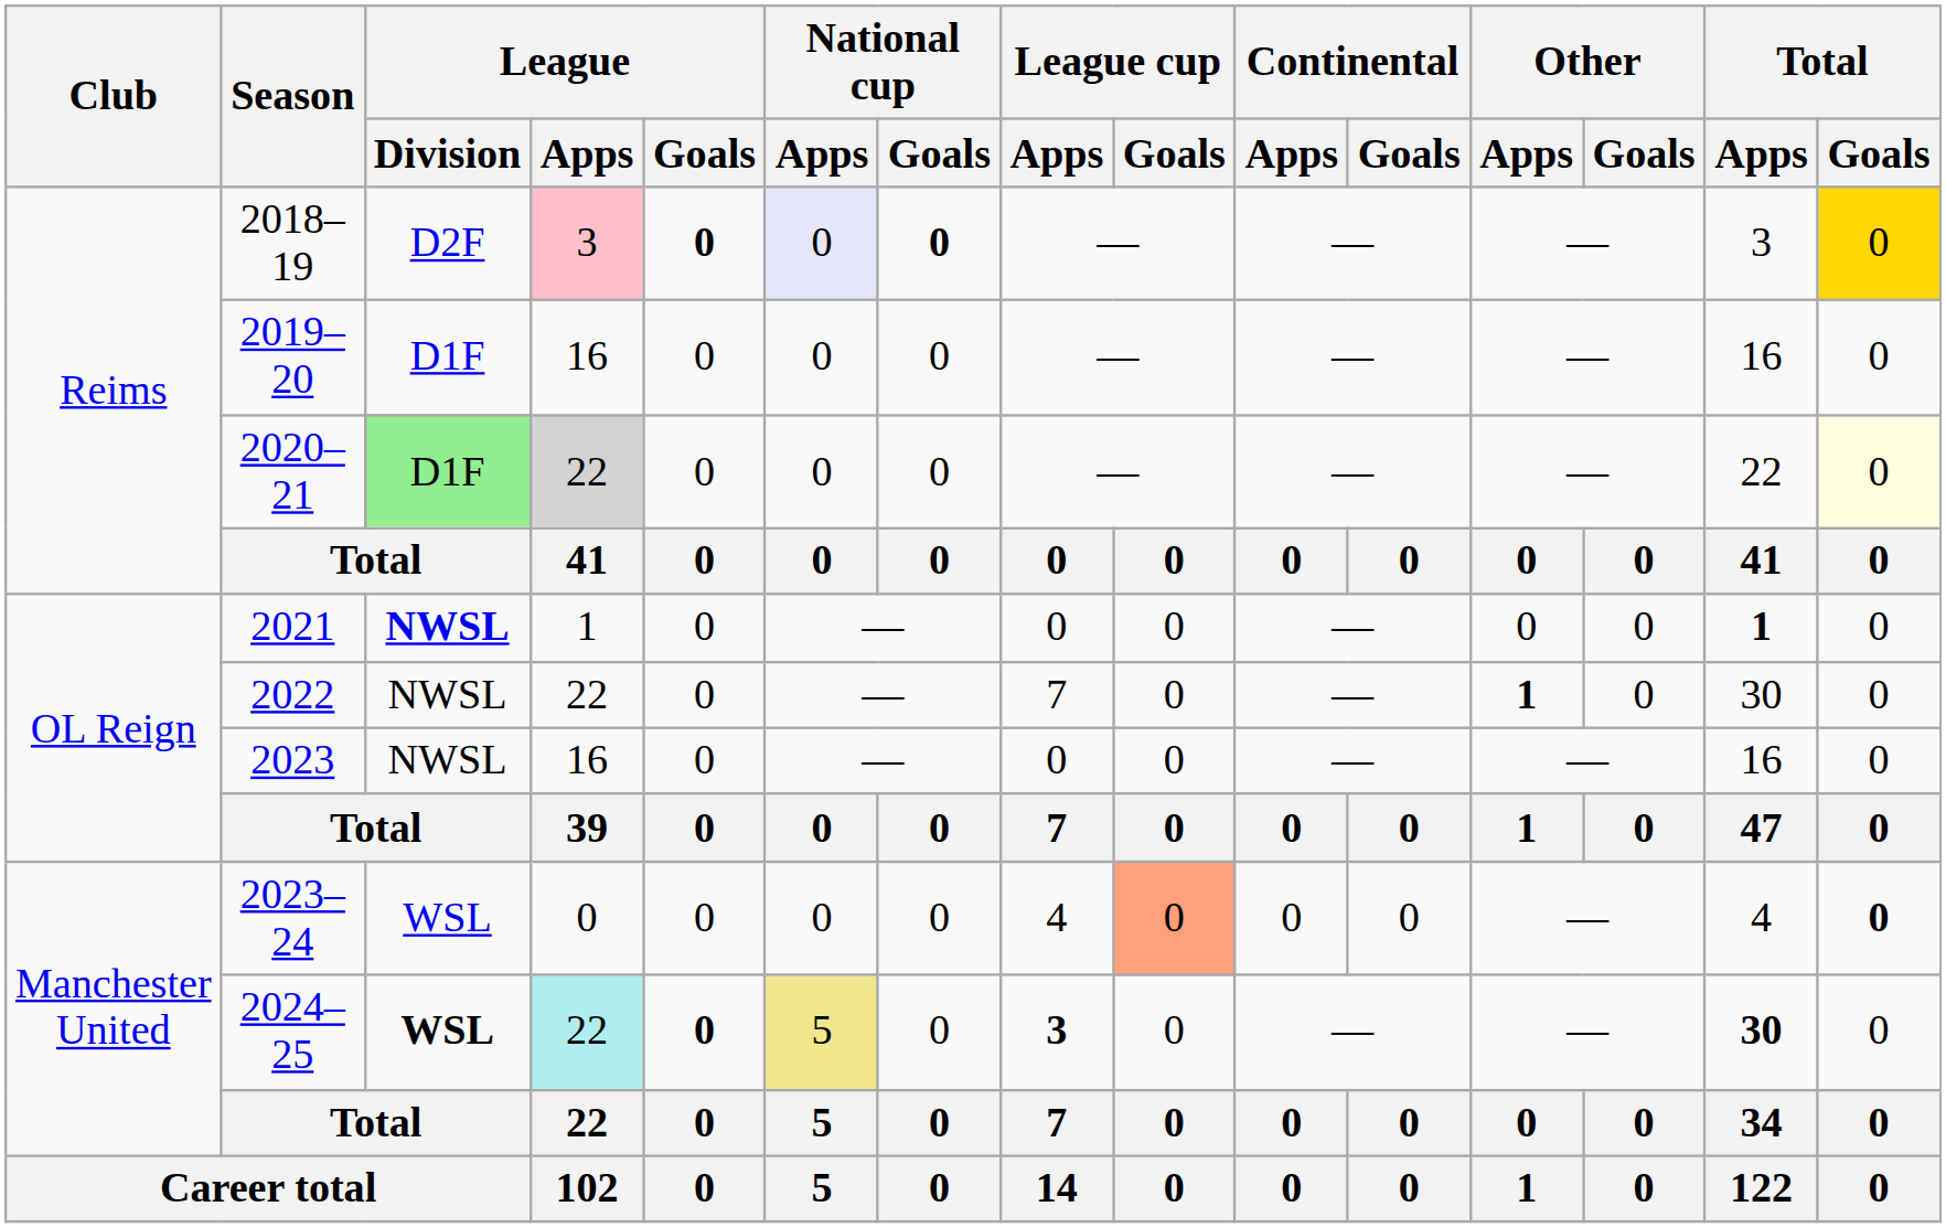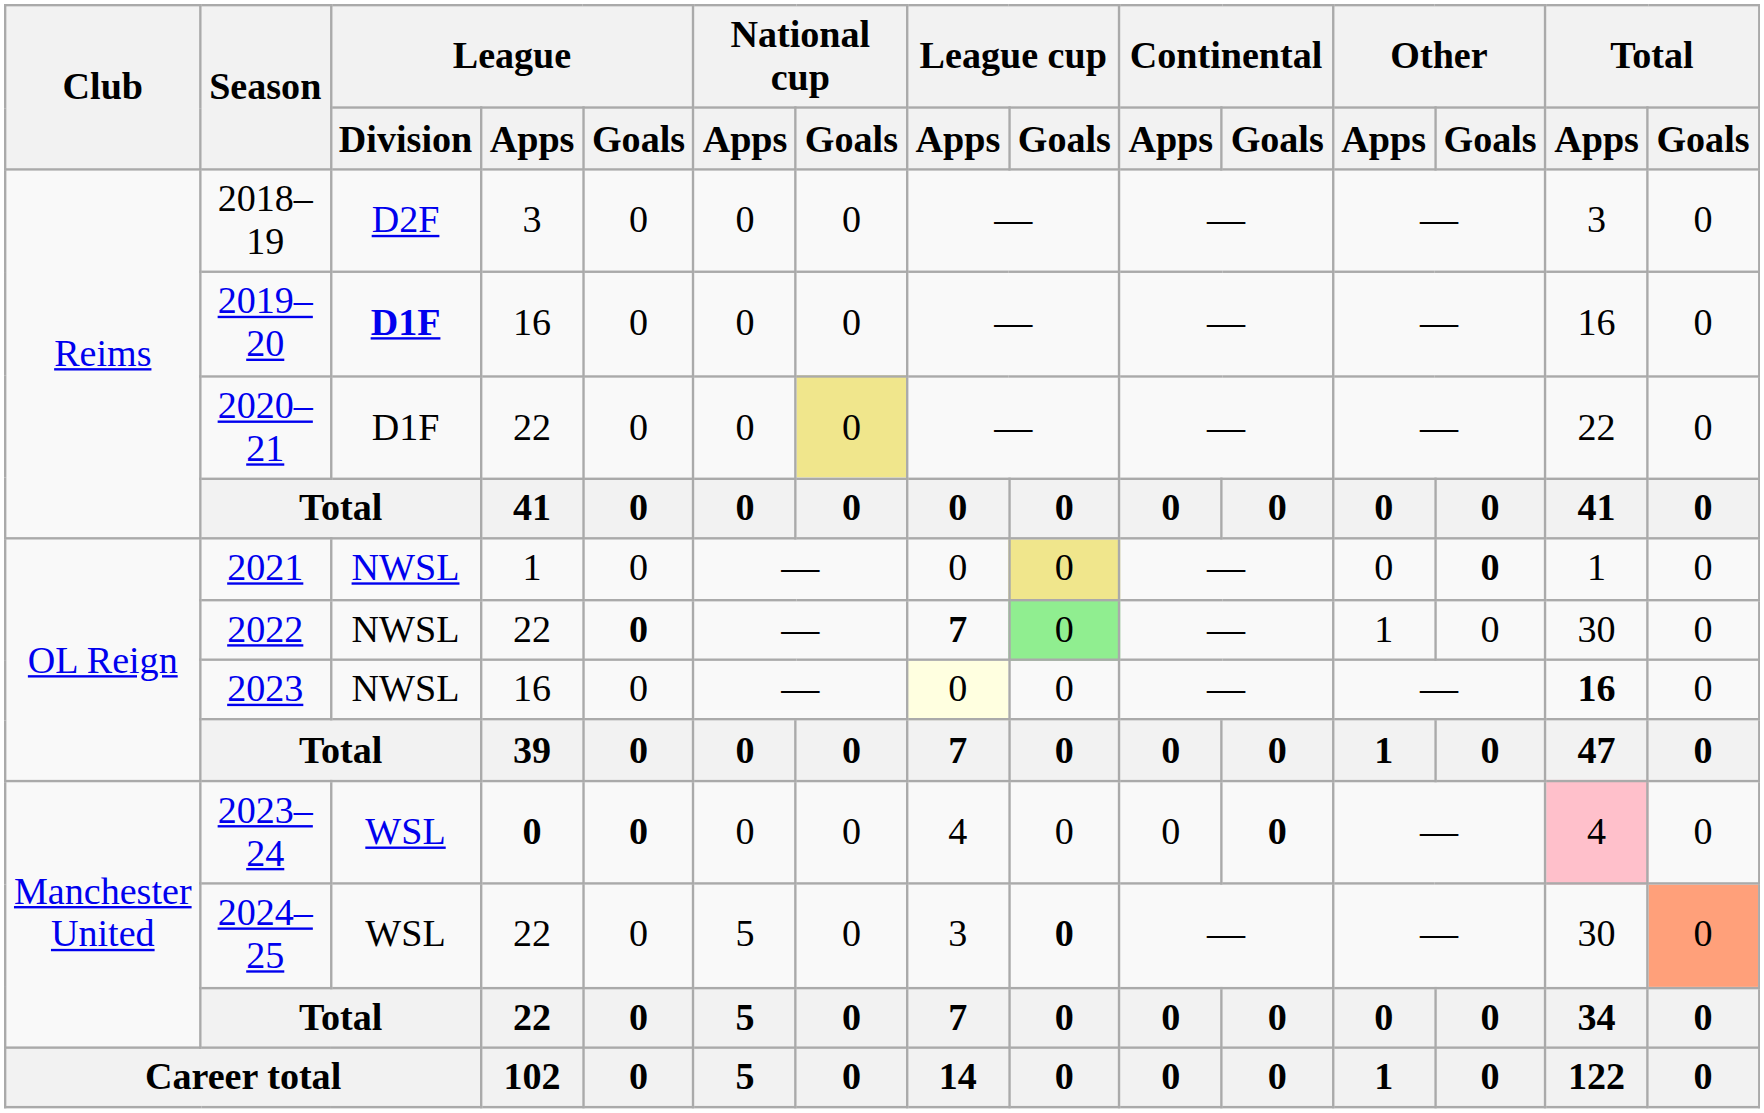 <table class="wikitable" Style="text-align: center">
 <tr>
 <th rowspan="2">Club</th>
 <th rowspan="2">Season</th>
 <th colspan="3">League</th>
 <th colspan="2">National cup</th>
 <th colspan="2">League cup</th>
 <th colspan="2">Continental</th>
 <th colspan="2">Other</th>
 <th colspan="2">Total</th>
 </tr>
 <tr>
 <th>Division</th>
 <th>Apps</th>
 <th>Goals</th>
 <th>Apps</th>
 <th>Goals</th>
 <th>Apps</th>
 <th>Goals</th>
 <th>Apps</th>
 <th>Goals</th>
 <th>Apps</th>
 <th>Goals</th>
 <th>Apps</th>
 <th>Goals</th>
 </tr>
 <tr>
 <td rowspan="4"><a href='#'>Reims</a></td>
 <td>2018–19</td>
 <td><a href='#'>D2F</a></td>
-<td style="background: pink;">3</td>
-<td><strong>0</strong></td>
-<td style="background: lavender;">0</td>
-<td><strong>0</strong></td>
+<td>3</td>
+<td>0</td>
+<td>0</td>
+<td>0</td>
 <td colspan="2">—</td>
 <td colspan="2">—</td>
 <td colspan="2">—</td>
 <td>3</td>
-<td style="background: gold;">0</td>
+<td>0</td>
 </tr>
 <tr>
 <td><a href='#'>2019–20</a></td>
-<td><a href='#'>D1F</a></td>
+<td><strong><a href='#'>D1F</a></strong></td>
 <td>16</td>
 <td>0</td>
 <td>0</td>
 <td>0</td>
 <td colspan="2">—</td>
 <td colspan="2">—</td>
 <td colspan="2">—</td>
 <td>16</td>
 <td>0</td>
 </tr>
 <tr>
 <td><a href='#'>2020–21</a></td>
-<td style="background: lightgreen;">D1F</td>
-<td style="background: lightgrey;">22</td>
+<td>D1F</td>
+<td>22</td>
 <td>0</td>
 <td>0</td>
-<td>0</td>
+<td style="background: khaki;">0</td>
 <td colspan="2">—</td>
 <td colspan="2">—</td>
 <td colspan="2">—</td>
 <td>22</td>
-<td style="background: lightyellow;">0</td>
+<td>0</td>
 </tr>
 <tr>
 <th colspan="2">Total</th>
 <th>41</th>
 <th>0</th>
 <th>0</th>
 <th>0</th>
 <th>0</th>
 <th>0</th>
 <th>0</th>
 <th>0</th>
 <th>0</th>
 <th>0</th>
 <th>41</th>
 <th>0</th>
 </tr>
 <tr>
 <td rowspan="4"><a href='#'>OL Reign</a></td>
 <td><a href='#'>2021</a></td>
-<td><strong><a href='#'>NWSL</a></strong></td>
+<td><a href='#'>NWSL</a></td>
 <td>1</td>
 <td>0</td>
 <td colspan="2">—</td>
 <td>0</td>
-<td>0</td>
+<td style="background: khaki;">0</td>
 <td colspan="2">—</td>
 <td>0</td>
-<td>0</td>
-<td><strong>1</strong></td>
+<td><strong>0</strong></td>
+<td>1</td>
 <td>0</td>
 </tr>
 <tr>
 <td><a href='#'>2022</a></td>
 <td>NWSL</td>
 <td>22</td>
-<td>0</td>
+<td><strong>0</strong></td>
 <td colspan="2">—</td>
-<td>7</td>
-<td>0</td>
+<td><strong>7</strong></td>
+<td style="background: lightgreen;">0</td>
 <td colspan="2">—</td>
-<td><strong>1</strong></td>
+<td>1</td>
 <td>0</td>
 <td>30</td>
 <td>0</td>
 </tr>
 <tr>
 <td><a href='#'>2023</a></td>
 <td>NWSL</td>
 <td>16</td>
 <td>0</td>
 <td colspan="2">—</td>
-<td>0</td>
+<td style="background: lightyellow;">0</td>
 <td>0</td>
 <td colspan="2">—</td>
 <td colspan="2">—</td>
-<td>16</td>
+<td><strong>16</strong></td>
 <td>0</td>
 </tr>
 <tr>
 <th colspan="2">Total</th>
 <th>39</th>
 <th>0</th>
 <th>0</th>
 <th>0</th>
 <th>7</th>
 <th>0</th>
 <th>0</th>
 <th>0</th>
 <th>1</th>
 <th>0</th>
 <th>47</th>
 <th>0</th>
 </tr>
 <tr>
 <td rowspan="3"><a href='#'>Manchester United</a></td>
 <td><a href='#'>2023–24</a></td>
 <td><a href='#'>WSL</a></td>
-<td>0</td>
-<td>0</td>
+<td><strong>0</strong></td>
+<td><strong>0</strong></td>
 <td>0</td>
 <td>0</td>
 <td>4</td>
-<td style="background: lightsalmon;">0</td>
 <td>0</td>
 <td>0</td>
+<td><strong>0</strong></td>
 <td colspan="2">—</td>
-<td>4</td>
-<td><strong>0</strong></td>
+<td style="background: pink;">4</td>
+<td>0</td>
 </tr>
 <tr>
 <td><a href='#'>2024–25</a></td>
-<td><strong>WSL</strong></td>
-<td style="background: paleturquoise;">22</td>
+<td>WSL</td>
+<td>22</td>
+<td>0</td>
+<td>5</td>
+<td>0</td>
+<td>3</td>
 <td><strong>0</strong></td>
-<td style="background: khaki;">5</td>
-<td>0</td>
-<td><strong>3</strong></td>
-<td>0</td>
 <td colspan="2">—</td>
 <td colspan="2">—</td>
-<td><strong>30</strong></td>
-<td>0</td>
+<td>30</td>
+<td style="background: lightsalmon;">0</td>
 </tr>
 <tr>
 <th colspan="2">Total</th>
 <th>22</th>
 <th>0</th>
 <th>5</th>
 <th>0</th>
 <th>7</th>
 <th>0</th>
 <th>0</th>
 <th>0</th>
 <th>0</th>
 <th>0</th>
 <th>34</th>
 <th>0</th>
 </tr>
 <tr>
 <th colspan="3">Career total</th>
 <th>102</th>
 <th>0</th>
 <th>5</th>
 <th>0</th>
 <th>14</th>
 <th>0</th>
 <th>0</th>
 <th>0</th>
 <th>1</th>
 <th>0</th>
 <th>122</th>
 <th>0</th>
 </tr>
 </table>
